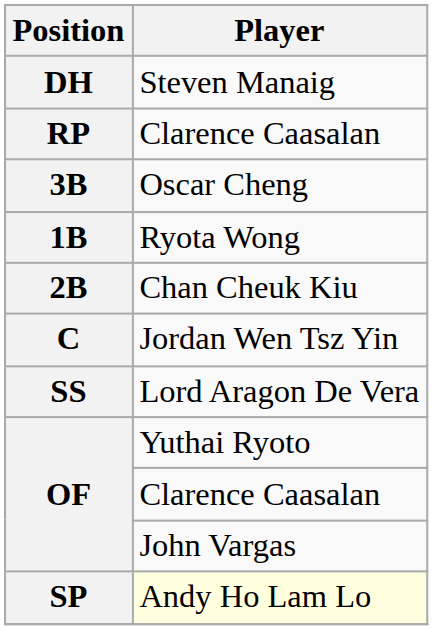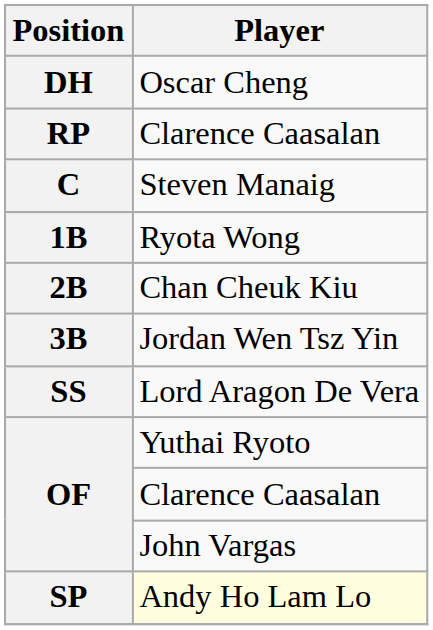 <table class=wikitable>
 <tr>
 <th>Position</th>
 <th>Player</th>
 </tr>
 <tr>
 <th>DH</th>
-<td> Steven Manaig</td>
+<td> Oscar Cheng</td>
 </tr>
 <tr>
 <th>RP</th>
 <td> Clarence Caasalan</td>
 </tr>
 <tr>
-<th>3B</th>
-<td> Oscar Cheng</td>
+<th>C</th>
+<td> Steven Manaig</td>
 </tr>
 <tr>
 <th>1B</th>
 <td> Ryota Wong</td>
 </tr>
 <tr>
 <th>2B</th>
 <td> Chan Cheuk Kiu</td>
 </tr>
 <tr>
-<th>C</th>
+<th>3B</th>
 <td> Jordan Wen Tsz Yin</td>
 </tr>
 <tr>
 <th>SS</th>
 <td> Lord Aragon De Vera</td>
 </tr>
 <tr>
 <th rowspan=3>OF</th>
 <td>  Yuthai Ryoto</td>
 </tr>
 <tr>
 <td> Clarence Caasalan</td>
 </tr>
 <tr>
 <td> John Vargas</td>
 </tr>
 <tr>
 <th>SP</th>
 <td style="background: lightyellow;">  Andy Ho Lam Lo</td>
 </tr>
 <tr>
 </tr>
 </table>
